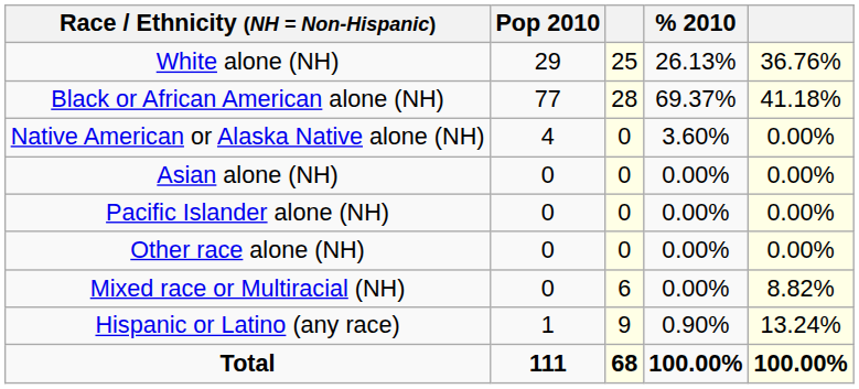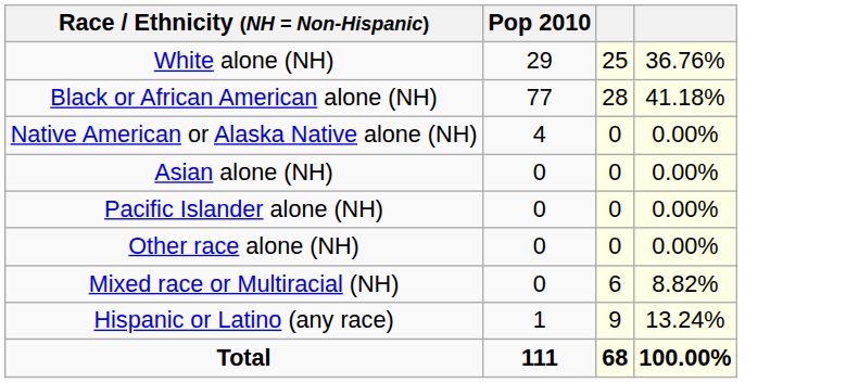 <table class="wikitable" style="text-align:center;">
 <tr>
 <th>Race / Ethnicity <small>(<em>NH = Non-Hispanic</em>)</small></th>
 <th>Pop 2010</th>
 <th></th>
-<th>% 2010</th>
 <th></th>
 </tr>
 <tr>
 <td><a href='#'>White</a> alone (NH)</td>
 <td>29</td>
 <td style='background: #ffffe6;'>25</td>
-<td>26.13%</td>
 <td style='background: #ffffe6;'>36.76%</td>
 </tr>
 <tr>
 <td><a href='#'>Black or African American</a> alone (NH)</td>
 <td>77</td>
 <td style='background: #ffffe6;'>28</td>
-<td>69.37%</td>
 <td style='background: #ffffe6;'>41.18%</td>
 </tr>
 <tr>
 <td><a href='#'>Native American</a> or <a href='#'>Alaska Native</a> alone (NH)</td>
 <td>4</td>
 <td style='background: #ffffe6;'>0</td>
-<td>3.60%</td>
 <td style='background: #ffffe6;'>0.00%</td>
 </tr>
 <tr>
 <td><a href='#'>Asian</a> alone (NH)</td>
 <td>0</td>
 <td style='background: #ffffe6;'>0</td>
-<td>0.00%</td>
 <td style='background: #ffffe6;'>0.00%</td>
 </tr>
 <tr>
 <td><a href='#'>Pacific Islander</a> alone (NH)</td>
 <td>0</td>
 <td style='background: #ffffe6;'>0</td>
-<td>0.00%</td>
 <td style='background: #ffffe6;'>0.00%</td>
 </tr>
 <tr>
 <td><a href='#'>Other race</a> alone (NH)</td>
 <td>0</td>
 <td style='background: #ffffe6;'>0</td>
-<td>0.00%</td>
 <td style='background: #ffffe6;'>0.00%</td>
 </tr>
 <tr>
 <td><a href='#'>Mixed race or Multiracial</a> (NH)</td>
 <td>0</td>
 <td style='background: #ffffe6;'>6</td>
-<td>0.00%</td>
 <td style='background: #ffffe6;'>8.82%</td>
 </tr>
 <tr>
 <td><a href='#'>Hispanic or Latino</a> (any race)</td>
 <td>1</td>
 <td style='background: #ffffe6;'>9</td>
-<td>0.90%</td>
 <td style='background: #ffffe6;'>13.24%</td>
 </tr>
 <tr>
 <td><strong>Total</strong></td>
 <td><strong>111</strong></td>
 <td style='background: #ffffe6;'><strong>68</strong></td>
-<td><strong>100.00%</strong></td>
 <td style='background: #ffffe6;'><strong>100.00%</strong></td>
 </tr>
 </table>
